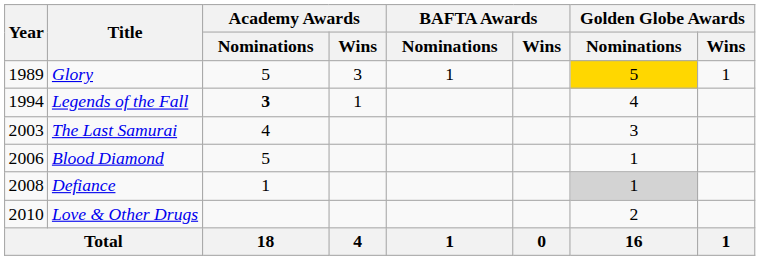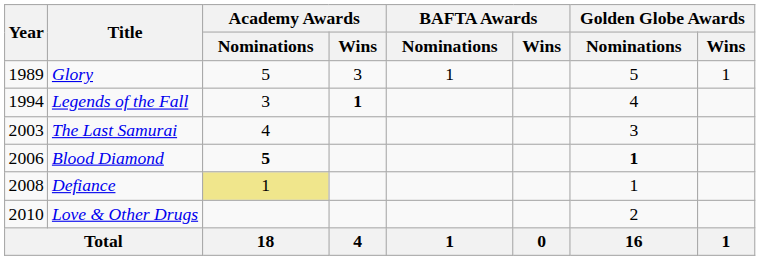 <table class="wikitable">
 <tr>
 <th rowspan="2">Year</th>
 <th rowspan="2">Title</th>
 <th colspan="2" style="text-align:center;" width=160>Academy Awards</th>
 <th colspan="2" style="text-align:center;" width=160>BAFTA Awards</th>
 <th colspan="2" style="text-align:center;" width=160>Golden Globe Awards</th>
 </tr>
 <tr>
 <th>Nominations</th>
 <th>Wins</th>
 <th>Nominations</th>
 <th>Wins</th>
 <th>Nominations</th>
 <th>Wins</th>
 </tr>
 <tr>
 <td>1989</td>
 <td><em><a href='#'>Glory</a></em></td>
 <td align=center>5</td>
 <td align=center>3</td>
 <td align=center>1</td>
 <td></td>
-<td align=center style="background: gold;">5</td>
+<td align=center>5</td>
 <td align=center>1</td>
 </tr>
 <tr>
 <td>1994</td>
 <td><em><a href='#'>Legends of the Fall</a></em></td>
-<td align=center><strong>3</strong></td>
-<td align=center>1</td>
+<td align=center>3</td>
+<td align=center><strong>1</strong></td>
 <td></td>
 <td></td>
 <td align=center>4</td>
 <td></td>
 </tr>
 <tr>
 <td>2003</td>
 <td><em><a href='#'>The Last Samurai</a></em></td>
 <td align=center>4</td>
 <td></td>
 <td></td>
 <td></td>
 <td align=center>3</td>
 <td></td>
 </tr>
 <tr>
 <td>2006</td>
 <td><em><a href='#'>Blood Diamond</a></em></td>
-<td align=center>5</td>
+<td align=center><strong>5</strong></td>
 <td></td>
 <td></td>
 <td></td>
-<td align=center>1</td>
+<td align=center><strong>1</strong></td>
 <td></td>
 </tr>
 <tr>
 <td>2008</td>
 <td><em><a href='#'>Defiance</a></em></td>
-<td align=center>1</td>
+<td align=center style="background: khaki;">1</td>
 <td></td>
 <td></td>
 <td></td>
-<td align=center style="background: lightgrey;">1</td>
+<td align=center>1</td>
 <td></td>
 </tr>
 <tr>
 <td>2010</td>
 <td><em><a href='#'>Love & Other Drugs</a></em></td>
 <td></td>
 <td></td>
 <td></td>
 <td></td>
 <td align=center>2</td>
 <td></td>
 </tr>
 <tr>
 <th colspan="2">Total</th>
 <th align=center>18</th>
 <th align=center>4</th>
 <th align=center>1</th>
 <th align=center>0</th>
 <th align=center>16</th>
 <th align=center>1</th>
 </tr>
 </table>
